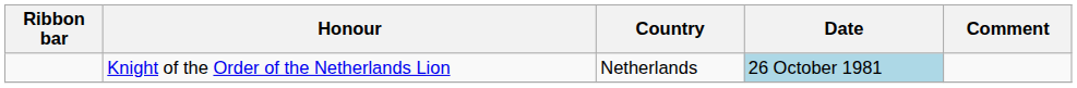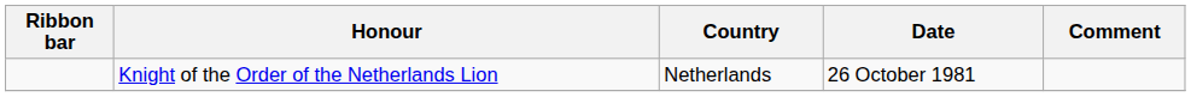 <table class="wikitable" style="width:60%;">
 <tr>
 <th style="width:80px;">Ribbon bar</th>
 <th>Honour</th>
 <th>Country</th>
 <th>Date</th>
 <th>Comment</th>
 </tr>
 <tr>
 <td></td>
 <td><a href='#'>Knight</a> of the <a href='#'>Order of the Netherlands Lion</a></td>
 <td>Netherlands</td>
-<td style="background: lightblue;">26 October 1981</td>
+<td>26 October 1981</td>
 <td></td>
 </tr>
 <tr style="background:#ccf; text-align:center;">
 </tr>
 </table>
